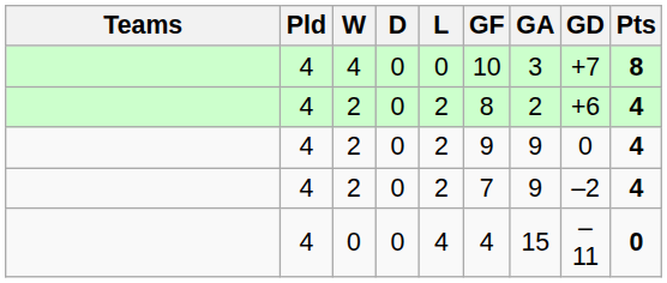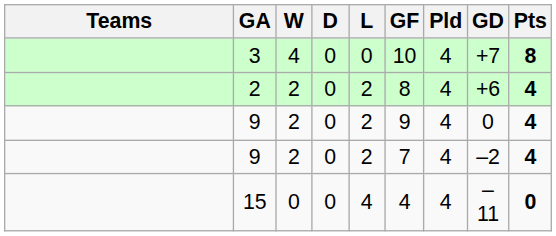 <table class="wikitable" style="text-align: center;">
 <tr>
 <th width=165>Teams</th>
-<th width=20>Pld</th>
+<th width=20>GA</th>
 <th width=20>W</th>
 <th width=20>D</th>
 <th width=20>L</th>
 <th width=20>GF</th>
-<th width=20>GA</th>
+<th width=20>Pld</th>
 <th width=20>GD</th>
 <th width=20>Pts</th>
 </tr>
 <tr align=center style="background:#ccffcc;">
 <td style="text-align:left;"></td>
-<td>4</td>
+<td>3</td>
 <td>4</td>
 <td>0</td>
 <td>0</td>
 <td>10</td>
-<td>3</td>
+<td>4</td>
 <td>+7</td>
 <td><strong>8</strong></td>
 </tr>
 <tr align=center style="background:#ccffcc;">
 <td style="text-align:left;"></td>
-<td>4</td>
+<td>2</td>
 <td>2</td>
 <td>0</td>
 <td>2</td>
 <td>8</td>
-<td>2</td>
+<td>4</td>
 <td>+6</td>
 <td><strong>4</strong></td>
 </tr>
 <tr align=center>
 <td style="text-align:left;"></td>
-<td>4</td>
+<td>9</td>
 <td>2</td>
 <td>0</td>
 <td>2</td>
 <td>9</td>
-<td>9</td>
+<td>4</td>
 <td>0</td>
 <td><strong>4</strong></td>
 </tr>
 <tr align=center>
 <td style="text-align:left;"></td>
-<td>4</td>
+<td>9</td>
 <td>2</td>
 <td>0</td>
 <td>2</td>
 <td>7</td>
-<td>9</td>
+<td>4</td>
 <td>–2</td>
 <td><strong>4</strong></td>
 </tr>
 <tr align=center>
 <td style="text-align:left;"></td>
-<td>4</td>
+<td>15</td>
 <td>0</td>
 <td>0</td>
 <td>4</td>
 <td>4</td>
-<td>15</td>
+<td>4</td>
 <td>–11</td>
 <td><strong>0</strong></td>
 </tr>
 </table>
